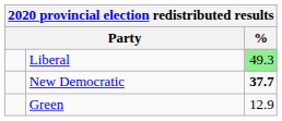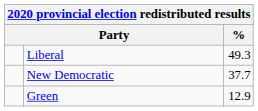 <table class="wikitable">
 <tr>
 <th colspan="4"><a href='#'>2020 provincial election</a> redistributed results</th>
 </tr>
 <tr>
 <th bgcolor="#DDDDFF" width="130px" colspan="2">Party</th>
 <th bgcolor="#DDDDFF" width="30px">%</th>
 </tr>
 <tr>
 <td> </td>
 <td><a href='#'>Liberal</a></td>
-<td align=right style="background: lightgreen;">49.3</td>
+<td align=right>49.3</td>
 </tr>
 <tr>
 <td> </td>
 <td><a href='#'>New Democratic</a></td>
-<td align=right><strong>37.7</strong></td>
+<td align=right>37.7</td>
 </tr>
 <tr>
 <td> </td>
 <td><a href='#'>Green</a></td>
 <td align=right>12.9</td>
 </tr>
 </table>
